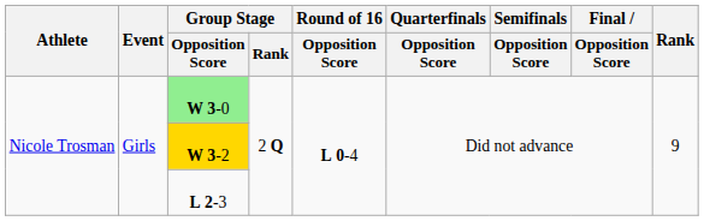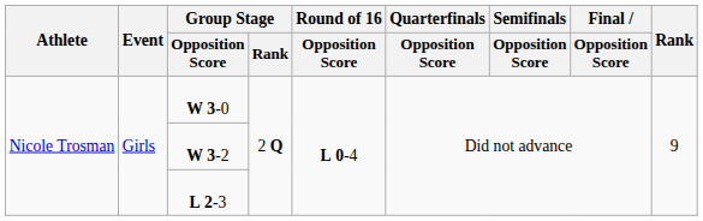 <table class=wikitable style="font-size:90%">
 <tr>
 <th rowspan="2">Athlete</th>
 <th rowspan="2">Event</th>
 <th colspan="2">Group Stage</th>
 <th>Round of 16</th>
 <th>Quarterfinals</th>
 <th>Semifinals</th>
 <th>Final / </th>
 <th rowspan=2>Rank</th>
 </tr>
 <tr style="font-size:95%">
 <th>Opposition<br>Score</th>
 <th>Rank</th>
 <th>Opposition<br>Score</th>
 <th>Opposition<br>Score</th>
 <th>Opposition<br>Score</th>
 <th>Opposition<br>Score</th>
 </tr>
 <tr align=center>
 <td align=left rowspan=3><a href='#'>Nicole Trosman</a></td>
 <td align=left rowspan=3><a href='#'>Girls</a></td>
-<td style="background: lightgreen;"><br><strong>W</strong> <strong>3</strong>-0</td>
+<td><br><strong>W</strong> <strong>3</strong>-0</td>
 <td rowspan=3>2 <strong>Q</strong></td>
 <td rowspan=3><br><strong>L</strong> <strong>0</strong>-4</td>
 <td rowspan=3 colspan=3>Did not advance</td>
 <td rowspan=3>9</td>
 </tr>
 <tr align=center>
-<td style="background: gold;"><br><strong>W</strong> <strong>3</strong>-2</td>
+<td><br><strong>W</strong> <strong>3</strong>-2</td>
 </tr>
 <tr align=center>
 <td><br><strong>L</strong> <strong>2</strong>-3</td>
 </tr>
 </table>
